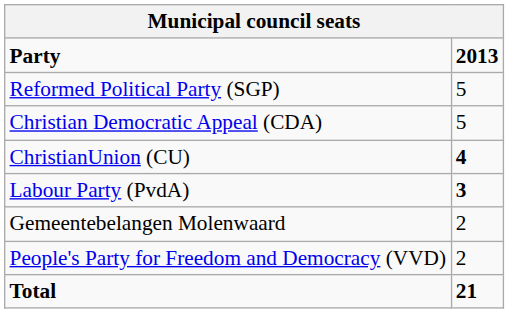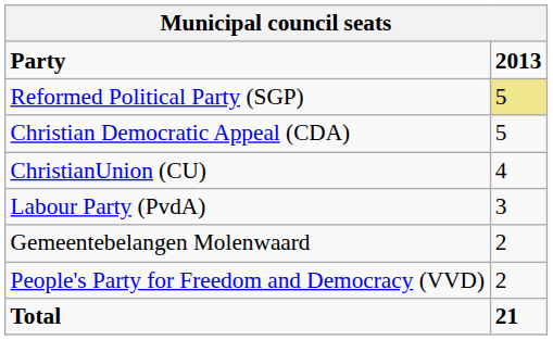 <table class="wikitable">
 <tr>
 <th colspan="16"><strong>Municipal council seats</strong></th>
 </tr>
 <tr>
 <td><strong>Party</strong></td>
 <td><strong>2013</strong></td>
 </tr>
 <tr>
 <td><a href='#'>Reformed Political Party</a> (SGP)</td>
-<td>5</td>
+<td style="background: khaki;">5</td>
 </tr>
 <tr>
 <td><a href='#'>Christian Democratic Appeal</a> (CDA)</td>
 <td>5</td>
 </tr>
 <tr>
 <td><a href='#'>ChristianUnion</a> (CU)</td>
-<td><strong>4</strong></td>
+<td>4</td>
 </tr>
 <tr>
 <td><a href='#'>Labour Party</a> (PvdA)</td>
-<td><strong>3</strong></td>
+<td>3</td>
 </tr>
 <tr>
 <td>Gemeentebelangen Molenwaard</td>
 <td>2</td>
 </tr>
 <tr>
 <td><a href='#'>People's Party for Freedom and Democracy</a> (VVD)</td>
 <td>2</td>
 </tr>
 <tr>
 <td><strong>Total</strong></td>
 <td><strong>21</strong></td>
 </tr>
 </table>
